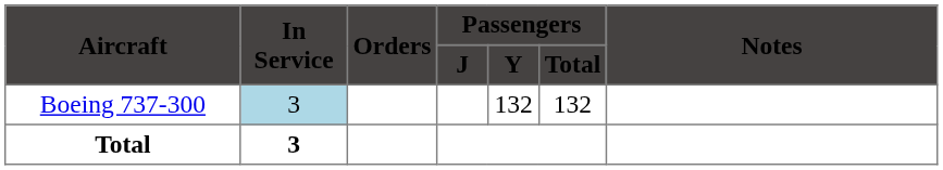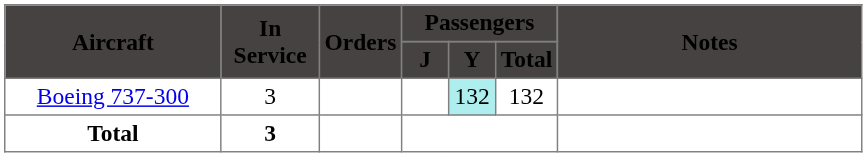 <table class="toccolours" border="1" cellpadding="3" style="margin:1em auto; border-collapse:collapse;text-align:center">
 <tr style="background:#454241;">
 <th rowspan="2" style="width:140px;"><span>Aircraft</span></th>
 <th rowspan="2" style="width:60px;"><span>In Service</span></th>
 <th rowspan="2" style="width:40px;"><span>Orders</span></th>
 <th colspan="3" class="unsortable"><span>Passengers</span></th>
 <th rowspan="2" style="width:200px;"><span>Notes</span></th>
 </tr>
 <tr style="background:#454241;">
 <th style="width:25px;"><abbr><span>J</span></abbr></th>
 <th style="width:25px;"><abbr><span>Y</span></abbr></th>
 <th style="width:25px;"><span>Total</span></th>
 </tr>
 <tr>
 <td><a href='#'>Boeing 737-300</a></td>
-<td style="background: lightblue;">3</td>
+<td>3</td>
 <td></td>
 <td></td>
-<td>132</td>
+<td style="background: paleturquoise;">132</td>
 <td>132</td>
 <td></td>
 </tr>
 <tr>
 <th>Total</th>
 <th>3</th>
 <th></th>
 <th colspan="3" class="unsortable"></th>
 <th></th>
 </tr>
 </table>
